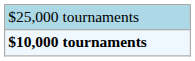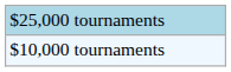 <table class="wikitable" width="13%" style="font-size:85%;">
 <tr style="background:lightblue;">
 <td>$25,000 tournaments</td>
 </tr>
 <tr bgcolor="#f0f8ff">
-<td><strong>$10,000 tournaments</strong></td>
+<td>$10,000 tournaments</td>
 </tr>
 </table>
